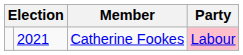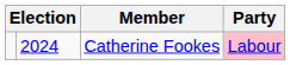 <table class="wikitable">
 <tr>
 <th colspan="2">Election</th>
 <th>Member</th>
 <th>Party</th>
 </tr>
 <tr>
 <td style="color:inherit;background-color: "></td>
-<td><a href='#'>2021</a></td>
+<td><a href='#'>2024</a></td>
 <td><a href='#'>Catherine Fookes</a></td>
 <td style="background: pink;"><a href='#'>Labour</a></td>
 </tr>
 </table>
